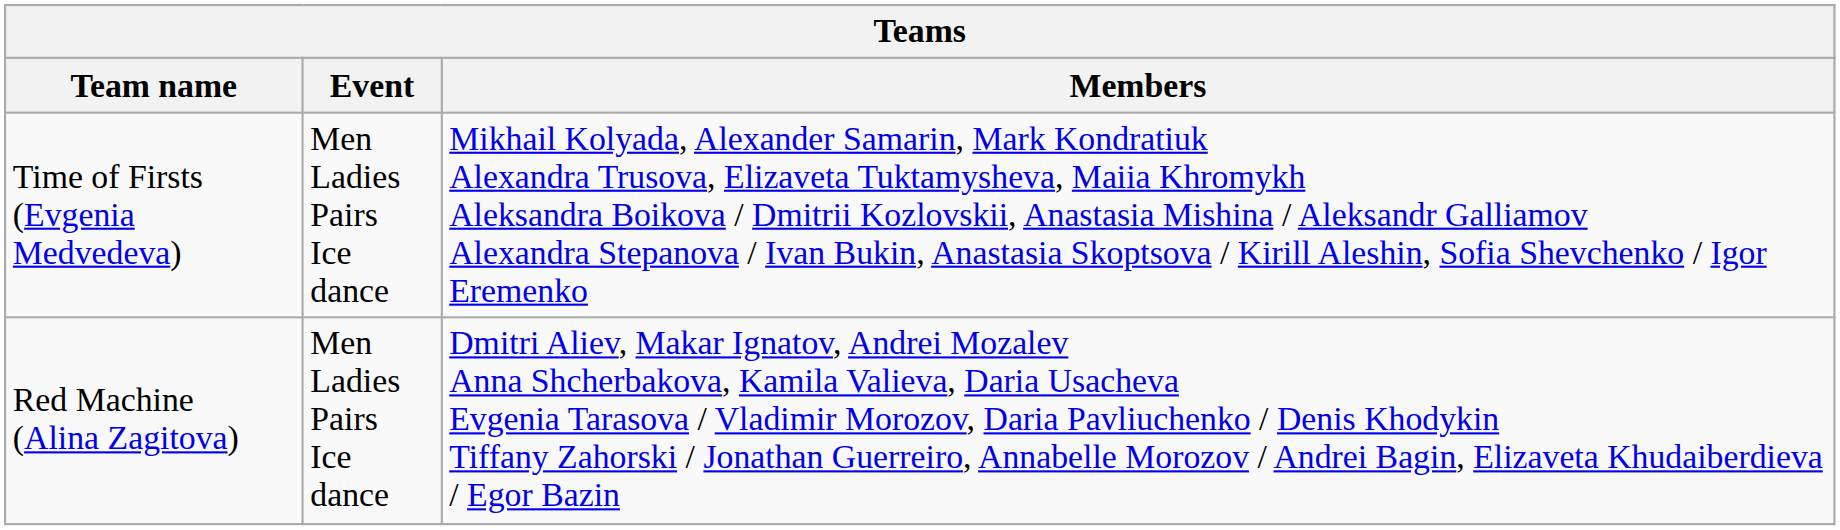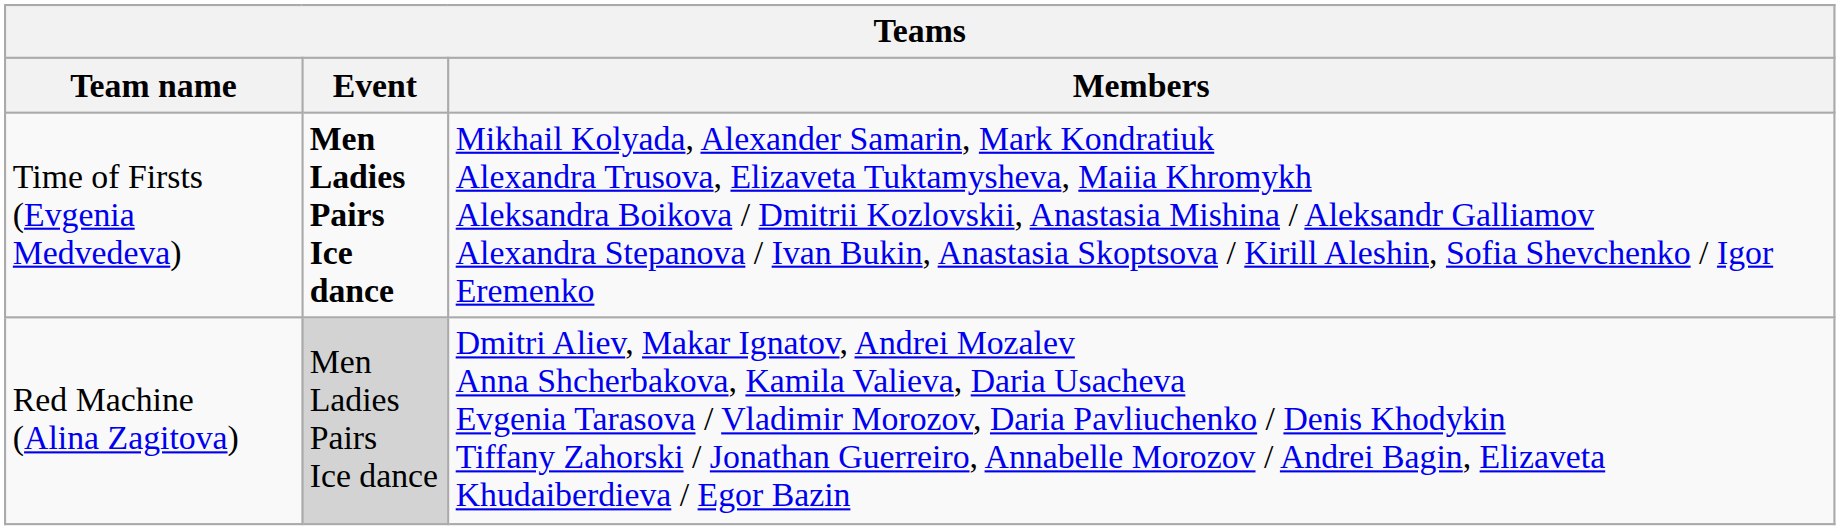 <table class="wikitable">
 <tr>
 <th colspan=6 align=center>Teams </th>
 </tr>
 <tr>
 <th>Team name</th>
 <th>Event</th>
 <th>Members</th>
 </tr>
 <tr>
 <td>Time of Firsts <br> (<a href='#'>Evgenia Medvedeva</a>)</td>
-<td>Men <br> Ladies <br> Pairs <br> Ice dance</td>
+<td><strong>Men <br> Ladies <br> Pairs <br> Ice dance</strong></td>
 <td><a href='#'>Mikhail Kolyada</a>, <a href='#'>Alexander Samarin</a>, <a href='#'>Mark Kondratiuk</a> <br> <a href='#'>Alexandra Trusova</a>, <a href='#'>Elizaveta Tuktamysheva</a>, <a href='#'>Maiia Khromykh</a> <br> <a href='#'>Aleksandra Boikova</a> / <a href='#'>Dmitrii Kozlovskii</a>, <a href='#'>Anastasia Mishina</a> / <a href='#'>Aleksandr Galliamov</a> <br> <a href='#'>Alexandra Stepanova</a> / <a href='#'>Ivan Bukin</a>, <a href='#'>Anastasia Skoptsova</a> / <a href='#'>Kirill Aleshin</a>, <a href='#'>Sofia Shevchenko</a> / <a href='#'>Igor Eremenko</a></td>
 </tr>
 <tr>
 <td>Red Machine <br> (<a href='#'>Alina Zagitova</a>)</td>
-<td>Men <br> Ladies <br> Pairs <br> Ice dance</td>
+<td style="background: lightgrey;">Men <br> Ladies <br> Pairs <br> Ice dance</td>
 <td><a href='#'>Dmitri Aliev</a>, <a href='#'>Makar Ignatov</a>, <a href='#'>Andrei Mozalev</a> <br> <a href='#'>Anna Shcherbakova</a>, <a href='#'>Kamila Valieva</a>, <a href='#'>Daria Usacheva</a> <br> <a href='#'>Evgenia Tarasova</a> / <a href='#'>Vladimir Morozov</a>, <a href='#'>Daria Pavliuchenko</a> / <a href='#'>Denis Khodykin</a> <br> <a href='#'>Tiffany Zahorski</a> / <a href='#'>Jonathan Guerreiro</a>, <a href='#'>Annabelle Morozov</a> / <a href='#'>Andrei Bagin</a>, <a href='#'>Elizaveta Khudaiberdieva</a> / <a href='#'>Egor Bazin</a></td>
 </tr>
 </table>
